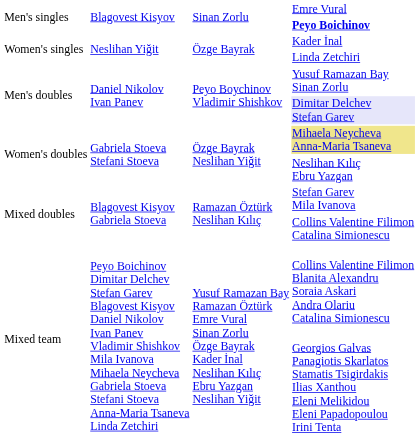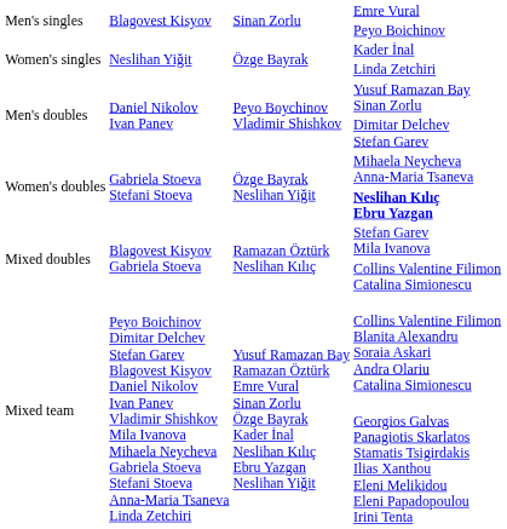 <table>
 <tr>
 <td rowspan="2">Men's singles</td>
 <td rowspan="2"> <a href='#'>Blagovest Kisyov</a></td>
 <td rowspan="2"> <a href='#'>Sinan Zorlu</a></td>
 <td> <a href='#'>Emre Vural</a></td>
 </tr>
 <tr>
-<td><strong> <a href='#'>Peyo Boichinov</a></strong></td>
+<td> <a href='#'>Peyo Boichinov</a></td>
 </tr>
 <tr>
 <td rowspan="2">Women's singles</td>
 <td rowspan="2"> <a href='#'>Neslihan Yiğit</a></td>
 <td rowspan="2"> <a href='#'>Özge Bayrak</a></td>
 <td> <a href='#'>Kader İnal</a></td>
 </tr>
 <tr>
 <td> <a href='#'>Linda Zetchiri</a></td>
 </tr>
 <tr>
 <td rowspan="2">Men's doubles</td>
 <td rowspan="2"> <a href='#'>Daniel Nikolov</a><br> <a href='#'>Ivan Panev</a></td>
 <td rowspan="2"> <a href='#'>Peyo Boychinov</a><br> <a href='#'>Vladimir Shishkov</a></td>
 <td> <a href='#'>Yusuf Ramazan Bay</a><br> <a href='#'>Sinan Zorlu</a></td>
 </tr>
 <tr>
-<td style="background: lavender;"> <a href='#'>Dimitar Delchev</a><br> <a href='#'>Stefan Garev</a></td>
+<td> <a href='#'>Dimitar Delchev</a><br> <a href='#'>Stefan Garev</a></td>
 </tr>
 <tr>
 <td rowspan="2">Women's doubles</td>
 <td rowspan="2"> <a href='#'>Gabriela Stoeva</a><br> <a href='#'>Stefani Stoeva</a></td>
 <td rowspan="2"> <a href='#'>Özge Bayrak</a><br> <a href='#'>Neslihan Yiğit</a></td>
-<td style="background: khaki;"> <a href='#'>Mihaela Neycheva</a><br> <a href='#'>Anna-Maria Tsaneva</a></td>
+<td> <a href='#'>Mihaela Neycheva</a><br> <a href='#'>Anna-Maria Tsaneva</a></td>
 </tr>
 <tr>
-<td> <a href='#'>Neslihan Kılıç</a><br> <a href='#'>Ebru Yazgan</a></td>
+<td><strong> <a href='#'>Neslihan Kılıç</a><br> <a href='#'>Ebru Yazgan</a></strong></td>
 </tr>
 <tr>
 <td rowspan="2">Mixed doubles</td>
 <td rowspan="2"> <a href='#'>Blagovest Kisyov</a><br> <a href='#'>Gabriela Stoeva</a></td>
 <td rowspan="2"> <a href='#'>Ramazan Öztürk</a><br> <a href='#'>Neslihan Kılıç</a></td>
 <td> <a href='#'>Stefan Garev</a><br> <a href='#'>Mila Ivanova</a></td>
 </tr>
 <tr>
 <td> <a href='#'>Collins Valentine Filimon</a><br> <a href='#'>Catalina Simionescu</a></td>
 </tr>
 <tr>
 <td rowspan="2">Mixed team</td>
 <td rowspan="2"><br><a href='#'>Peyo Boichinov</a><br><a href='#'>Dimitar Delchev</a><br><a href='#'>Stefan Garev</a><br><a href='#'>Blagovest Kisyov</a><br><a href='#'>Daniel Nikolov</a><br><a href='#'>Ivan Panev</a><br><a href='#'>Vladimir Shishkov</a><br><a href='#'>Mila Ivanova</a><br><a href='#'>Mihaela Neycheva</a><br><a href='#'>Gabriela Stoeva</a><br><a href='#'>Stefani Stoeva</a><br><a href='#'>Anna-Maria Tsaneva</a><br><a href='#'>Linda Zetchiri</a></td>
 <td rowspan="2"><br><a href='#'>Yusuf Ramazan Bay</a><br><a href='#'>Ramazan Öztürk</a><br><a href='#'>Emre Vural</a><br><a href='#'>Sinan Zorlu</a><br><a href='#'>Özge Bayrak</a><br><a href='#'>Kader İnal</a><br><a href='#'>Neslihan Kılıç</a><br><a href='#'>Ebru Yazgan</a><br><a href='#'>Neslihan Yiğit</a></td>
 <td><br><a href='#'>Collins Valentine Filimon</a><br><a href='#'>Blanita Alexandru</a><br><a href='#'>Soraia Askari</a><br><a href='#'>Andra Olariu</a><br><a href='#'>Catalina Simionescu</a></td>
 </tr>
 <tr>
 <td><br><a href='#'>Georgios Galvas</a><br><a href='#'>Panagiotis Skarlatos</a><br><a href='#'>Stamatis Tsigirdakis</a><br><a href='#'>Ilias Xanthou</a><br><a href='#'>Eleni Melikidou</a><br><a href='#'>Eleni Papadopoulou</a><br><a href='#'>Irini Tenta</a></td>
 </tr>
 </table>
